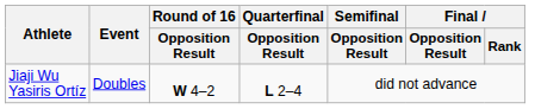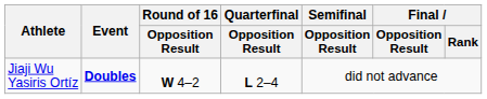 <table class=wikitable style=font-size:90%;text-align:center>
 <tr>
 <th rowspan=2>Athlete</th>
 <th rowspan=2>Event</th>
 <th>Round of 16</th>
 <th>Quarterfinal</th>
 <th>Semifinal</th>
 <th colspan=2>Final / </th>
 </tr>
 <tr style=font-size:95%>
 <th>Opposition<br>Result</th>
 <th>Opposition<br>Result</th>
 <th>Opposition<br>Result</th>
 <th>Opposition<br>Result</th>
 <th>Rank</th>
 </tr>
 <tr>
 <td align=left><a href='#'>Jiaji Wu</a><br><a href='#'>Yasiris Ortíz</a></td>
-<td align=left><a href='#'>Doubles</a></td>
+<td align=left><strong><a href='#'>Doubles</a></strong></td>
 <td><br><strong>W</strong> 4–2</td>
 <td><br><strong>L</strong> 2–4</td>
 <td colspan=3>did not advance</td>
 </tr>
 </table>
